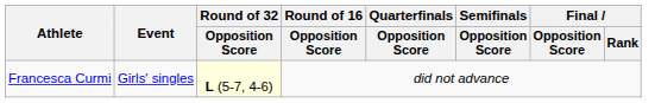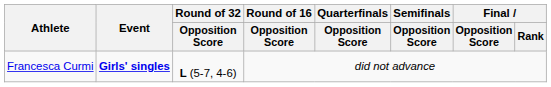 <table class=wikitable style="font-size:90%">
 <tr>
 <th rowspan=2>Athlete</th>
 <th rowspan=2>Event</th>
 <th>Round of 32</th>
 <th>Round of 16</th>
 <th>Quarterfinals</th>
 <th>Semifinals</th>
 <th colspan=2>Final / </th>
 </tr>
 <tr style="font-size:95%">
 <th>Opposition<br>Score</th>
 <th>Opposition<br>Score</th>
 <th>Opposition<br>Score</th>
 <th>Opposition<br>Score</th>
 <th>Opposition<br>Score</th>
 <th>Rank</th>
 </tr>
 <tr align=center>
 <td align=left><a href='#'>Francesca Curmi</a></td>
-<td align=left><a href='#'>Girls' singles</a></td>
-<td style="background: lightyellow;"><br><strong>L</strong> (5-7, 4-6)</td>
+<td align=left><strong><a href='#'>Girls' singles</a></strong></td>
+<td><br><strong>L</strong> (5-7, 4-6)</td>
 <td Colspan=5><em>did not advance</em></td>
 </tr>
 </table>
